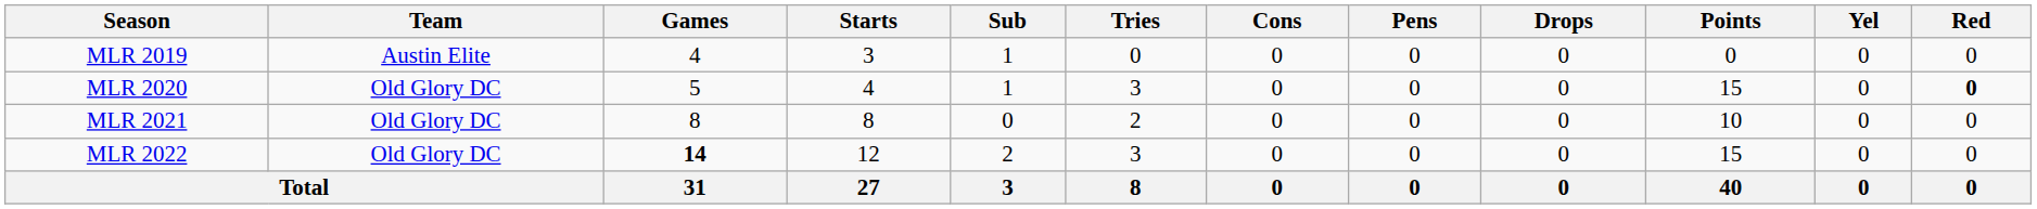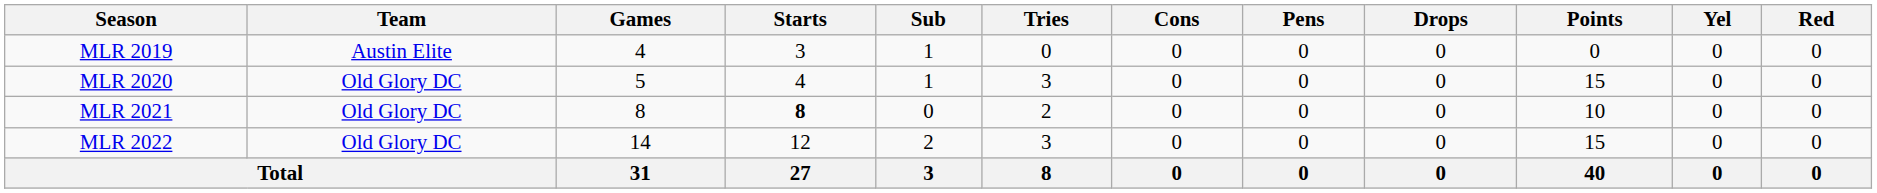 <table class="wikitable" style="text-align:center; line-height:100%; font-size:100%; width:90%;">
 <tr>
 <th>Season</th>
 <th>Team</th>
 <th>Games</th>
 <th>Starts</th>
 <th>Sub</th>
 <th>Tries</th>
 <th>Cons</th>
 <th>Pens</th>
 <th>Drops</th>
 <th>Points</th>
 <th>Yel</th>
 <th>Red</th>
 </tr>
 <tr>
 <td><a href='#'>MLR 2019</a></td>
 <td><a href='#'>Austin Elite</a></td>
 <td>4</td>
 <td>3</td>
 <td>1</td>
 <td>0</td>
 <td>0</td>
 <td>0</td>
 <td>0</td>
 <td>0</td>
 <td>0</td>
 <td>0</td>
 </tr>
 <tr>
 <td><a href='#'>MLR 2020</a></td>
 <td><a href='#'>Old Glory DC</a></td>
 <td>5</td>
 <td>4</td>
 <td>1</td>
 <td>3</td>
 <td>0</td>
 <td>0</td>
 <td>0</td>
 <td>15</td>
 <td>0</td>
-<td><strong>0</strong></td>
+<td>0</td>
 </tr>
 <tr>
 <td><a href='#'>MLR 2021</a></td>
 <td><a href='#'>Old Glory DC</a></td>
 <td>8</td>
-<td>8</td>
+<td><strong>8</strong></td>
 <td>0</td>
 <td>2</td>
 <td>0</td>
 <td>0</td>
 <td>0</td>
 <td>10</td>
 <td>0</td>
 <td>0</td>
 </tr>
 <tr>
 <td><a href='#'>MLR 2022</a></td>
 <td><a href='#'>Old Glory DC</a></td>
-<td><strong>14</strong></td>
+<td>14</td>
 <td>12</td>
 <td>2</td>
 <td>3</td>
 <td>0</td>
 <td>0</td>
 <td>0</td>
 <td>15</td>
 <td>0</td>
 <td>0</td>
 </tr>
 <tr>
 <th colspan="2">Total</th>
 <th>31</th>
 <th>27</th>
 <th>3</th>
 <th>8</th>
 <th>0</th>
 <th>0</th>
 <th>0</th>
 <th>40</th>
 <th>0</th>
 <th>0</th>
 </tr>
 </table>
